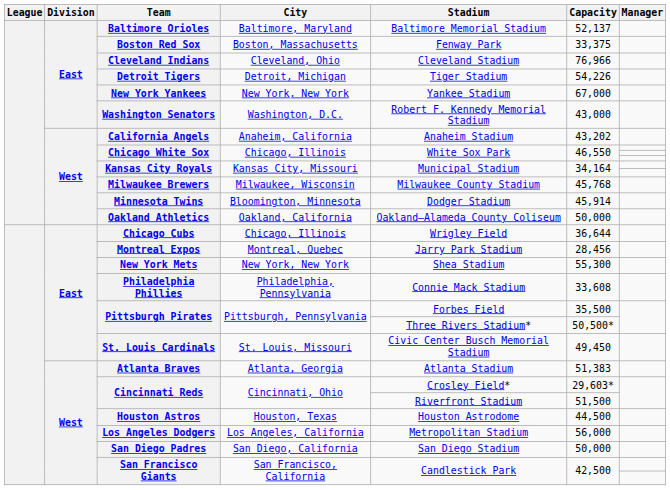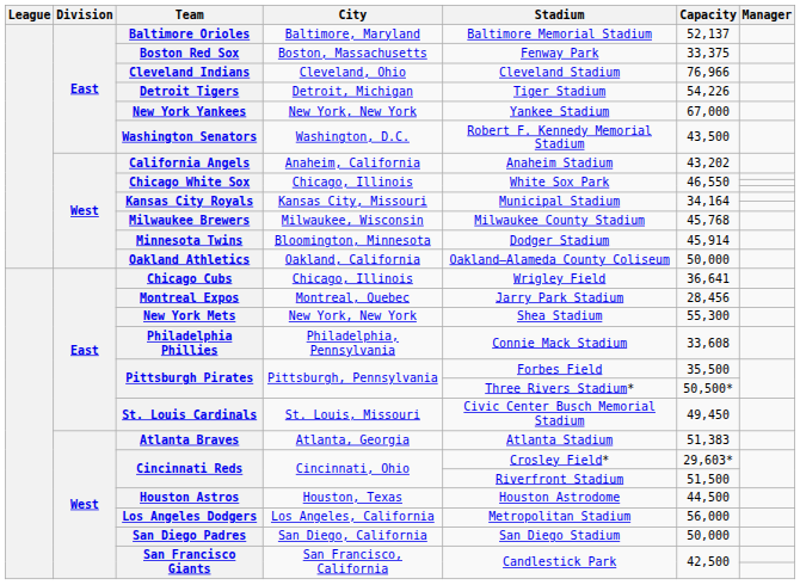 <table class="wikitable sortable plainrowheaders" style="text-align:center;">
 <tr>
 <th scope="col">League</th>
 <th scope="col">Division</th>
 <th scope="col">Team</th>
 <th scope="col">City</th>
 <th scope="col">Stadium</th>
 <th scope="col">Capacity</th>
 <th scope="col">Manager</th>
 </tr>
 <tr>
 <th rowspan="15"></th>
 <th rowspan="6"><a href='#'>East</a></th>
 <th scope="row"><a href='#'>Baltimore Orioles</a></th>
 <td><a href='#'>Baltimore, Maryland</a></td>
 <td><a href='#'>Baltimore Memorial Stadium</a></td>
 <td>52,137</td>
 <td></td>
 </tr>
 <tr>
 <th scope="row"><a href='#'>Boston Red Sox</a></th>
 <td><a href='#'>Boston, Massachusetts</a></td>
 <td><a href='#'>Fenway Park</a></td>
 <td>33,375</td>
 <td></td>
 </tr>
 <tr>
 <th scope="row"><a href='#'>Cleveland Indians</a></th>
 <td><a href='#'>Cleveland, Ohio</a></td>
 <td><a href='#'>Cleveland Stadium</a></td>
 <td>76,966</td>
 <td></td>
 </tr>
 <tr>
 <th scope="row"><a href='#'>Detroit Tigers</a></th>
 <td><a href='#'>Detroit, Michigan</a></td>
 <td><a href='#'>Tiger Stadium</a></td>
 <td>54,226</td>
 <td></td>
 </tr>
 <tr>
 <th scope="row"><a href='#'>New York Yankees</a></th>
 <td><a href='#'>New York, New York</a></td>
 <td><a href='#'>Yankee Stadium</a></td>
 <td>67,000</td>
 <td></td>
 </tr>
 <tr>
 <th scope="row"><a href='#'>Washington Senators</a></th>
 <td><a href='#'>Washington, D.C.</a></td>
 <td><a href='#'>Robert F. Kennedy Memorial Stadium</a></td>
-<td>43,000</td>
+<td>43,500</td>
 <td></td>
 </tr>
 <tr>
 <th rowspan="9"><a href='#'>West</a></th>
 <th scope="row"><a href='#'>California Angels</a></th>
 <td><a href='#'>Anaheim, California</a></td>
 <td><a href='#'>Anaheim Stadium</a></td>
 <td>43,202</td>
 <td></td>
 </tr>
 <tr>
 <th rowspan="3" scope="row"><a href='#'>Chicago White Sox</a></th>
 <td rowspan="3"><a href='#'>Chicago, Illinois</a></td>
 <td rowspan="3"><a href='#'>White Sox Park</a></td>
 <td rowspan="3">46,550</td>
 <td></td>
 </tr>
 <tr>
 <td></td>
 </tr>
 <tr>
 <td></td>
 </tr>
 <tr>
 <th rowspan="2" scope="row"><a href='#'>Kansas City Royals</a></th>
 <td rowspan="2"><a href='#'>Kansas City, Missouri</a></td>
 <td rowspan="2"><a href='#'>Municipal Stadium</a></td>
 <td rowspan="2">34,164</td>
 <td></td>
 </tr>
 <tr>
 <td></td>
 </tr>
 <tr>
 <th scope="row"><a href='#'>Milwaukee Brewers</a></th>
 <td><a href='#'>Milwaukee, Wisconsin</a></td>
 <td><a href='#'>Milwaukee County Stadium</a></td>
 <td>45,768</td>
 <td></td>
 </tr>
 <tr>
 <th scope="row"><a href='#'>Minnesota Twins</a></th>
 <td><a href='#'>Bloomington, Minnesota</a></td>
 <td><a href='#'>Dodger Stadium</a></td>
 <td>45,914</td>
 <td></td>
 </tr>
 <tr>
 <th scope="row"><a href='#'>Oakland Athletics</a></th>
 <td><a href='#'>Oakland, California</a></td>
 <td><a href='#'>Oakland–Alameda County Coliseum</a></td>
 <td>50,000</td>
 <td></td>
 </tr>
 <tr>
 <th rowspan="15"></th>
 <th rowspan="7"><a href='#'>East</a></th>
 <th scope="row"><a href='#'>Chicago Cubs</a></th>
 <td><a href='#'>Chicago, Illinois</a></td>
 <td><a href='#'>Wrigley Field</a></td>
-<td>36,644</td>
+<td>36,641</td>
 <td></td>
 </tr>
 <tr>
 <th scope="row"><a href='#'>Montreal Expos</a></th>
 <td><a href='#'>Montreal, Quebec</a></td>
 <td><a href='#'>Jarry Park Stadium</a></td>
 <td>28,456</td>
 <td></td>
 </tr>
 <tr>
 <th scope="row"><a href='#'>New York Mets</a></th>
 <td><a href='#'>New York, New York</a></td>
 <td><a href='#'>Shea Stadium</a></td>
 <td>55,300</td>
 <td></td>
 </tr>
 <tr>
 <th scope="row"><a href='#'>Philadelphia Phillies</a></th>
 <td><a href='#'>Philadelphia, Pennsylvania</a></td>
 <td><a href='#'>Connie Mack Stadium</a></td>
 <td>33,608</td>
 <td></td>
 </tr>
 <tr>
 <th rowspan="2" scope="row"><a href='#'>Pittsburgh Pirates</a></th>
 <td rowspan="2"><a href='#'>Pittsburgh, Pennsylvania</a></td>
 <td><a href='#'>Forbes Field</a></td>
 <td>35,500</td>
 <td rowspan="2"></td>
 </tr>
 <tr>
 <td><a href='#'>Three Rivers Stadium</a>*</td>
 <td>50,500*</td>
 </tr>
 <tr>
 <th scope="row"><a href='#'>St. Louis Cardinals</a></th>
 <td><a href='#'>St. Louis, Missouri</a></td>
 <td><a href='#'>Civic Center Busch Memorial Stadium</a></td>
 <td>49,450</td>
 <td></td>
 </tr>
 <tr>
 <th rowspan="8"><a href='#'>West</a></th>
 <th scope="row"><a href='#'>Atlanta Braves</a></th>
 <td><a href='#'>Atlanta, Georgia</a></td>
 <td><a href='#'>Atlanta Stadium</a></td>
 <td>51,383</td>
 <td></td>
 </tr>
 <tr>
 <th rowspan="2" scope="row"><a href='#'>Cincinnati Reds</a></th>
 <td rowspan="2"><a href='#'>Cincinnati, Ohio</a></td>
 <td><a href='#'>Crosley Field</a>*</td>
 <td>29,603*</td>
 <td rowspan="2"></td>
 </tr>
 <tr>
 <td><a href='#'>Riverfront Stadium</a></td>
 <td>51,500</td>
 </tr>
 <tr>
 <th scope="row"><a href='#'>Houston Astros</a></th>
 <td><a href='#'>Houston, Texas</a></td>
 <td><a href='#'>Houston Astrodome</a></td>
 <td>44,500</td>
 <td></td>
 </tr>
 <tr>
 <th scope="row"><a href='#'>Los Angeles Dodgers</a></th>
 <td><a href='#'>Los Angeles, California</a></td>
 <td><a href='#'>Metropolitan Stadium</a></td>
 <td>56,000</td>
 <td></td>
 </tr>
 <tr>
 <th scope="row"><a href='#'>San Diego Padres</a></th>
 <td><a href='#'>San Diego, California</a></td>
 <td><a href='#'>San Diego Stadium</a></td>
 <td>50,000</td>
 <td></td>
 </tr>
 <tr>
 <th rowspan="2" scope="row"><a href='#'>San Francisco Giants</a></th>
 <td rowspan="2"><a href='#'>San Francisco, California</a></td>
 <td rowspan="2"><a href='#'>Candlestick Park</a></td>
 <td rowspan="2">42,500</td>
 <td></td>
 </tr>
 <tr>
 <td></td>
 </tr>
 </table>
